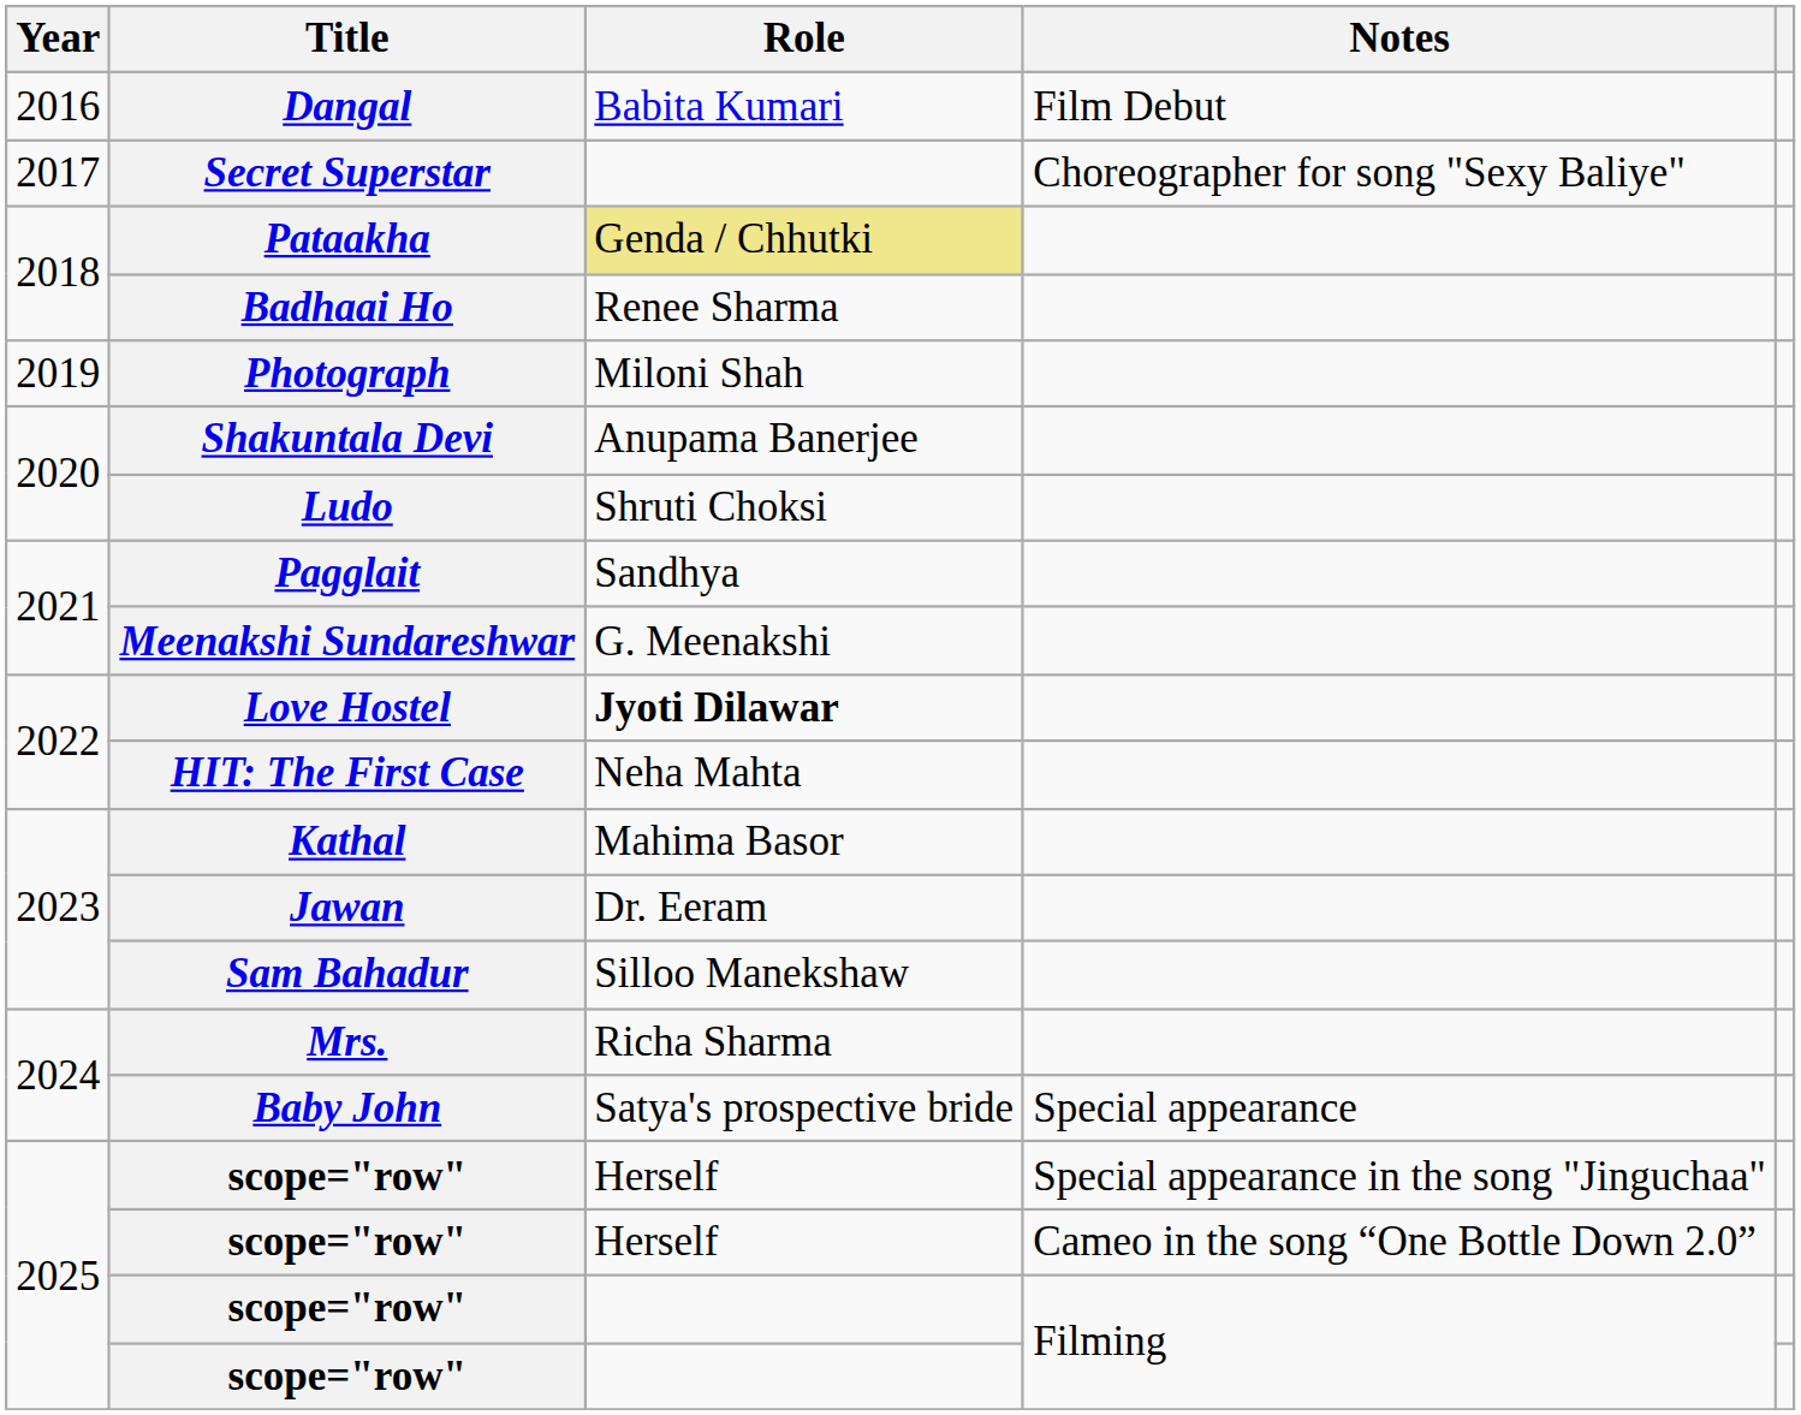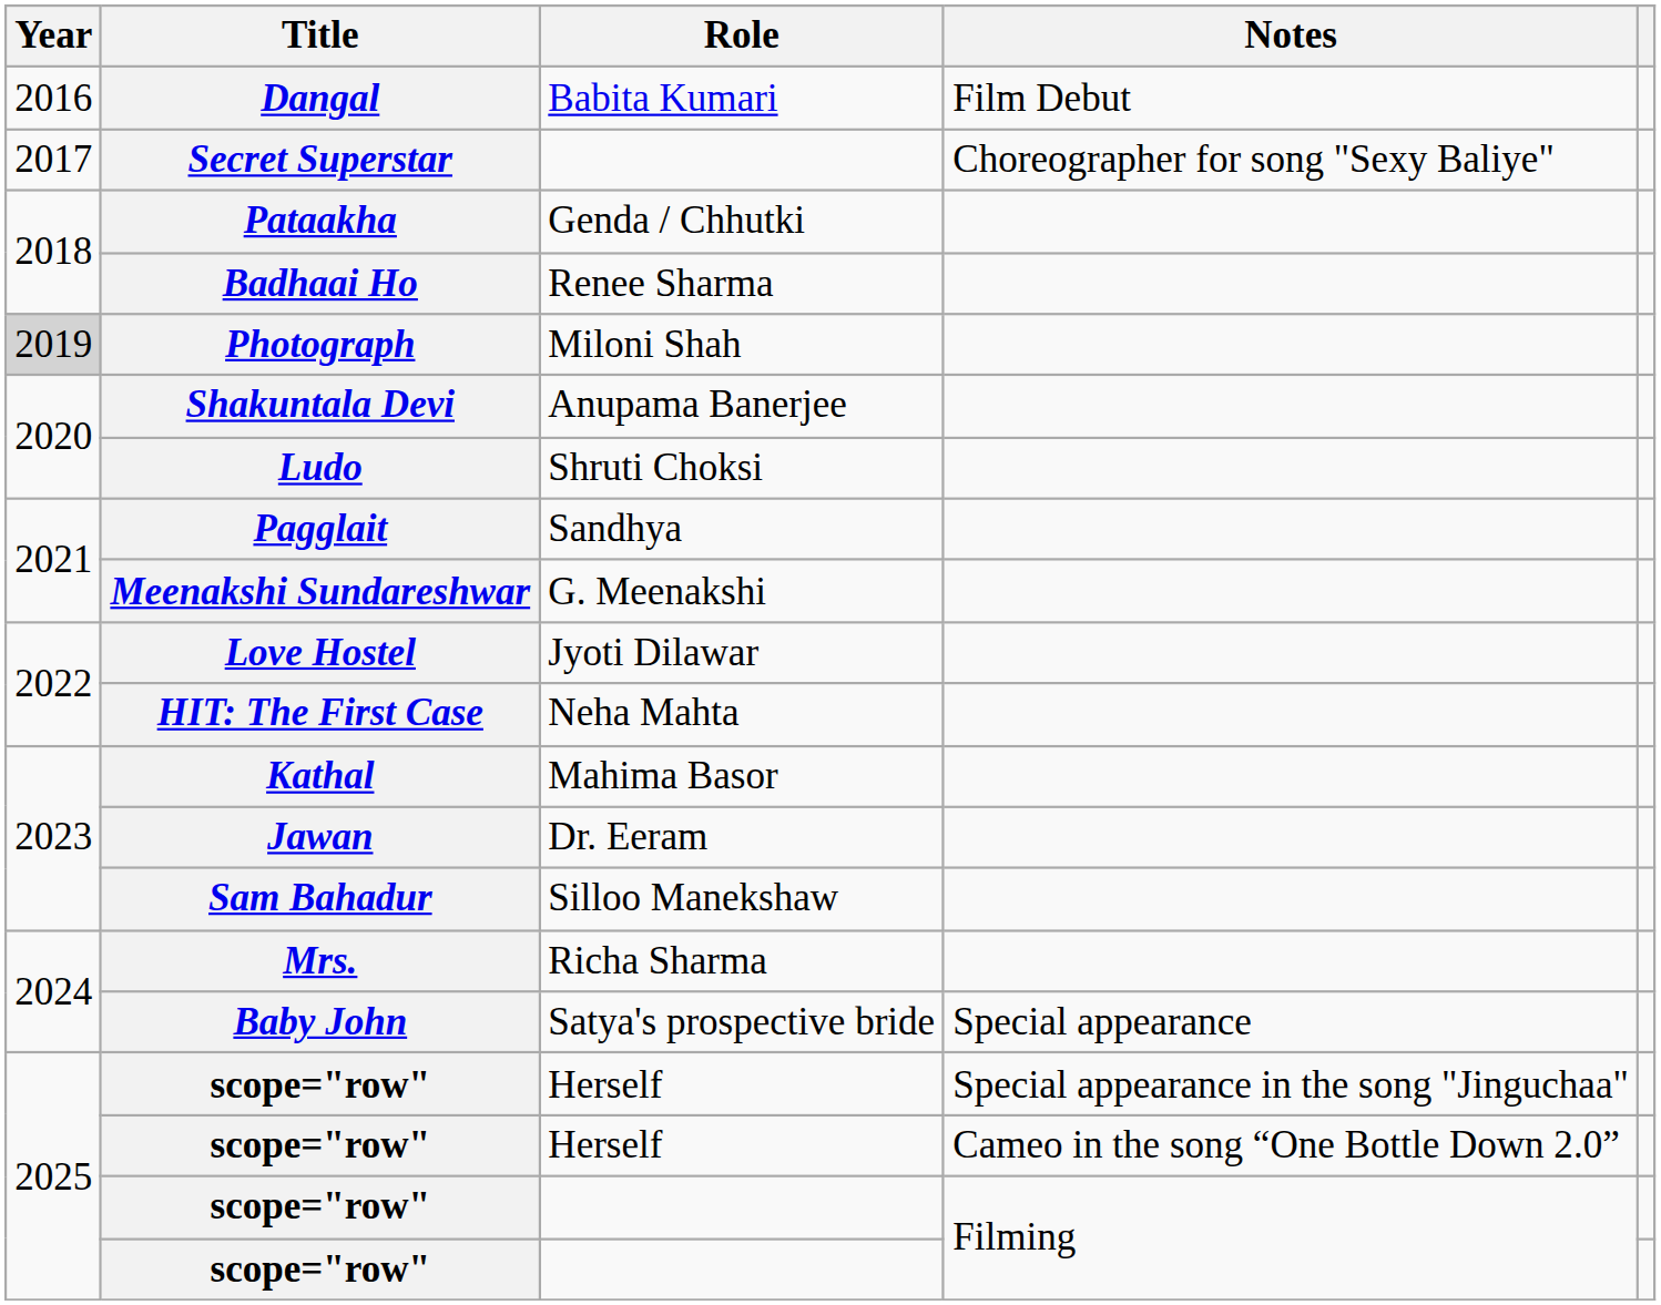 <table class="wikitable sortable plainrowheaders">
 <tr style="text-align:center;">
 <th scope="col">Year</th>
 <th scope="col">Title</th>
 <th scope="col">Role</th>
 <th class="unsortable" scope="col">Notes</th>
 <th class="unsortable" scope="col"></th>
 </tr>
 <tr>
 <td>2016</td>
 <th scope="row"><em><a href='#'>Dangal</a></em></th>
 <td><a href='#'>Babita Kumari</a></td>
 <td>Film Debut</td>
 <td></td>
 </tr>
 <tr>
 <td>2017</td>
 <th scope="row"><em><a href='#'>Secret Superstar</a></em></th>
 <td></td>
 <td>Choreographer for song "Sexy Baliye"</td>
 <td></td>
 </tr>
 <tr>
 <td rowspan="2">2018</td>
 <th scope="row"><em><a href='#'>Pataakha</a></em></th>
-<td style="background: khaki;">Genda / Chhutki</td>
+<td>Genda / Chhutki</td>
 <td></td>
 <td></td>
 </tr>
 <tr>
 <th scope="row"><em><a href='#'>Badhaai Ho</a></em></th>
 <td>Renee Sharma</td>
 <td></td>
 <td></td>
 </tr>
 <tr>
-<td>2019</td>
+<td style="background: lightgrey;">2019</td>
 <th scope="row"><em><a href='#'>Photograph</a></em></th>
 <td>Miloni Shah</td>
 <td></td>
 <td></td>
 </tr>
 <tr>
 <td rowspan="2">2020</td>
 <th scope="row"><em><a href='#'>Shakuntala Devi</a></em></th>
 <td>Anupama Banerjee</td>
 <td></td>
 <td></td>
 </tr>
 <tr>
 <th scope="row"><em><a href='#'>Ludo</a></em></th>
 <td>Shruti Choksi</td>
 <td></td>
 <td></td>
 </tr>
 <tr>
 <td rowspan="2">2021</td>
 <th scope="row"><em><a href='#'>Pagglait</a></em></th>
 <td>Sandhya</td>
 <td></td>
 <td></td>
 </tr>
 <tr>
 <th scope="row"><em><a href='#'>Meenakshi Sundareshwar</a></em></th>
 <td>G. Meenakshi</td>
 <td></td>
 <td></td>
 </tr>
 <tr>
 <td rowspan="2">2022</td>
 <th scope="row"><em><a href='#'>Love Hostel</a></em></th>
-<td><strong>Jyoti Dilawar</strong></td>
+<td>Jyoti Dilawar</td>
 <td></td>
 <td></td>
 </tr>
 <tr>
 <th scope="row"><em><a href='#'>HIT: The First Case</a></em></th>
 <td>Neha Mahta</td>
 <td></td>
 <td></td>
 </tr>
 <tr>
 <td rowspan="3">2023</td>
 <th scope="row"><em><a href='#'>Kathal</a></em></th>
 <td>Mahima Basor</td>
 <td></td>
 <td></td>
 </tr>
 <tr>
 <th scope="row"><em><a href='#'>Jawan</a></em></th>
 <td>Dr. Eeram</td>
 <td></td>
 <td></td>
 </tr>
 <tr>
 <th scope="row"><em><a href='#'>Sam Bahadur</a></em></th>
 <td>Silloo Manekshaw</td>
 <td></td>
 <td></td>
 </tr>
 <tr>
 <td rowspan="2">2024</td>
 <th scope="row"><em><a href='#'>Mrs.</a></em></th>
 <td>Richa Sharma</td>
 <td></td>
 <td></td>
 </tr>
 <tr>
 <th scope="row"><em><a href='#'>Baby John</a></em></th>
 <td>Satya's prospective bride</td>
 <td>Special appearance</td>
 <td></td>
 </tr>
 <tr>
 <td rowspan="4">2025</td>
 <th>scope="row" </th>
 <td>Herself</td>
 <td>Special appearance in the song "Jinguchaa"</td>
 <td></td>
 </tr>
 <tr>
 <th>scope="row" </th>
 <td>Herself</td>
 <td>Cameo in the song  “One Bottle Down 2.0”</td>
 <td></td>
 </tr>
 <tr>
 <th>scope="row" </th>
 <td></td>
 <td rowspan=2>Filming</td>
 <td></td>
 </tr>
 <tr>
 <th>scope="row" </th>
 <td></td>
 <td></td>
 </tr>
 </table>
